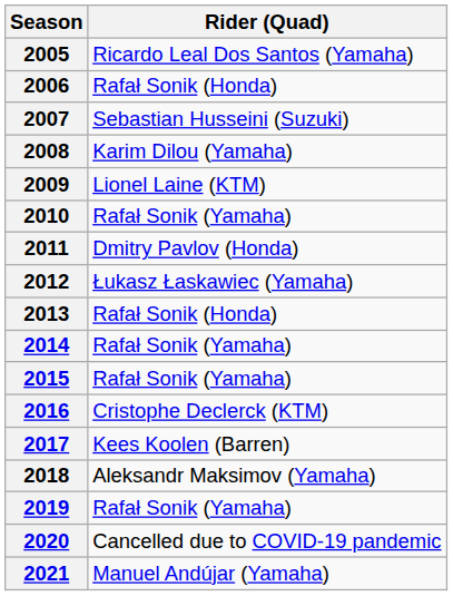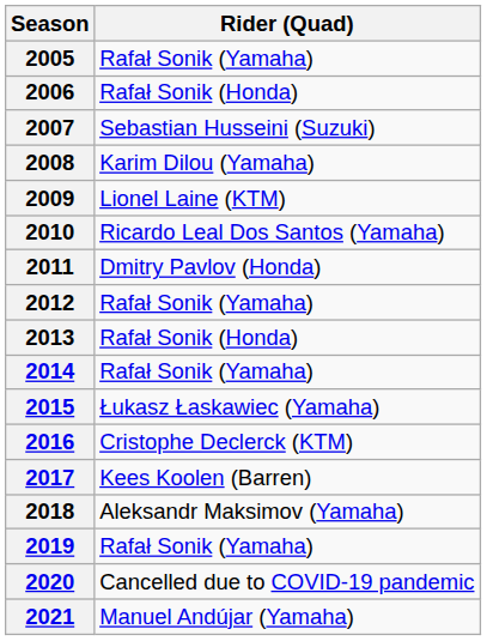 <table class="wikitable" style="font-size:90%;">
 <tr>
 <th>Season</th>
 <th>Rider (Quad)</th>
 </tr>
 <tr>
 <th>2005</th>
-<td> <a href='#'>Ricardo Leal Dos Santos</a> (<a href='#'>Yamaha</a>)</td>
+<td> <a href='#'>Rafał Sonik</a> (<a href='#'>Yamaha</a>)</td>
 </tr>
 <tr>
 <th>2006</th>
 <td> <a href='#'>Rafał Sonik</a> (<a href='#'>Honda</a>)</td>
 </tr>
 <tr>
 <th>2007</th>
 <td> <a href='#'>Sebastian Husseini</a> (<a href='#'>Suzuki</a>)</td>
 </tr>
 <tr>
 <th>2008</th>
 <td> <a href='#'>Karim Dilou</a> (<a href='#'>Yamaha</a>)</td>
 </tr>
 <tr>
 <th>2009</th>
 <td> <a href='#'>Lionel Laine</a> (<a href='#'>KTM</a>)</td>
 </tr>
 <tr>
 <th>2010</th>
-<td> <a href='#'>Rafał Sonik</a> (<a href='#'>Yamaha</a>)</td>
+<td> <a href='#'>Ricardo Leal Dos Santos</a> (<a href='#'>Yamaha</a>)</td>
 </tr>
 <tr>
 <th>2011</th>
 <td> <a href='#'>Dmitry Pavlov</a> (<a href='#'>Honda</a>)</td>
 </tr>
 <tr>
 <th>2012</th>
-<td> <a href='#'>Łukasz Łaskawiec</a> (<a href='#'>Yamaha</a>)</td>
+<td> <a href='#'>Rafał Sonik</a> (<a href='#'>Yamaha</a>)</td>
 </tr>
 <tr>
 <th>2013</th>
 <td> <a href='#'>Rafał Sonik</a> (<a href='#'>Honda</a>)</td>
 </tr>
 <tr>
 <th><a href='#'>2014</a></th>
 <td> <a href='#'>Rafał Sonik</a> (<a href='#'>Yamaha</a>)</td>
 </tr>
 <tr>
 <th><a href='#'>2015</a></th>
-<td> <a href='#'>Rafał Sonik</a> (<a href='#'>Yamaha</a>)</td>
+<td> <a href='#'>Łukasz Łaskawiec</a> (<a href='#'>Yamaha</a>)</td>
 </tr>
 <tr>
 <th><a href='#'>2016</a></th>
 <td> <a href='#'>Cristophe Declerck</a> (<a href='#'>KTM</a>)</td>
 </tr>
 <tr>
 <th><a href='#'>2017</a></th>
 <td> <a href='#'>Kees Koolen</a> (Barren)</td>
 </tr>
 <tr>
 <th>2018</th>
 <td> Aleksandr Maksimov (<a href='#'>Yamaha</a>)</td>
 </tr>
 <tr>
 <th><a href='#'>2019</a></th>
 <td> <a href='#'>Rafał Sonik</a> (<a href='#'>Yamaha</a>)</td>
 </tr>
 <tr>
 <th><a href='#'>2020</a></th>
 <td align=center>Cancelled due to <a href='#'>COVID-19 pandemic</a></td>
 </tr>
 <tr>
 <th><a href='#'>2021</a></th>
 <td> <a href='#'>Manuel Andújar</a> (<a href='#'>Yamaha</a>)</td>
 </tr>
 </table>
